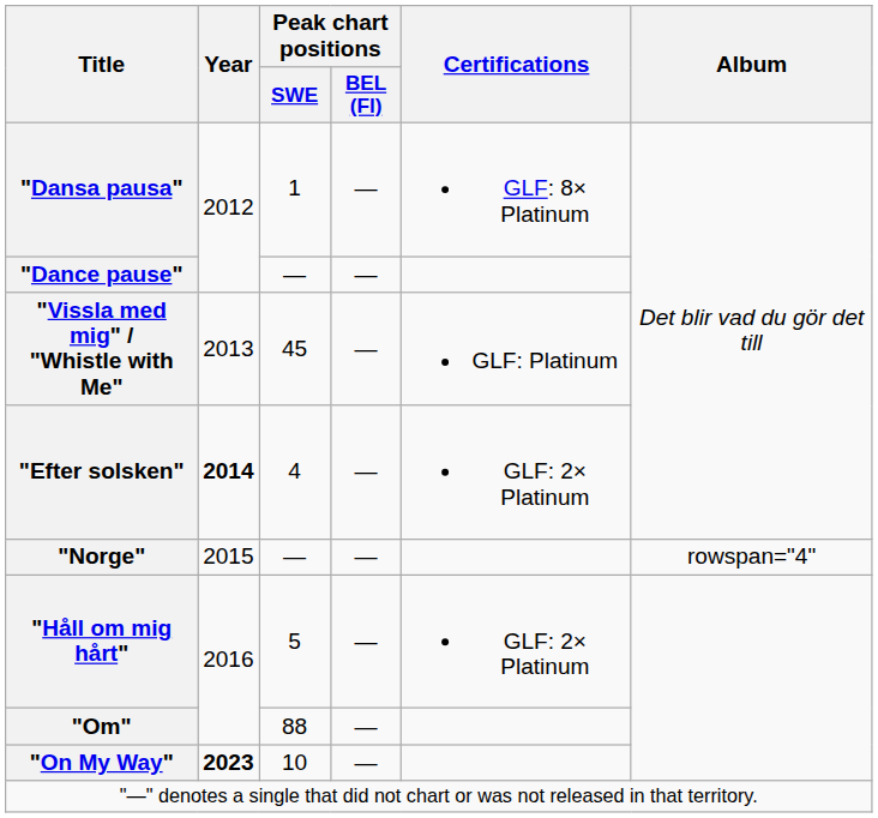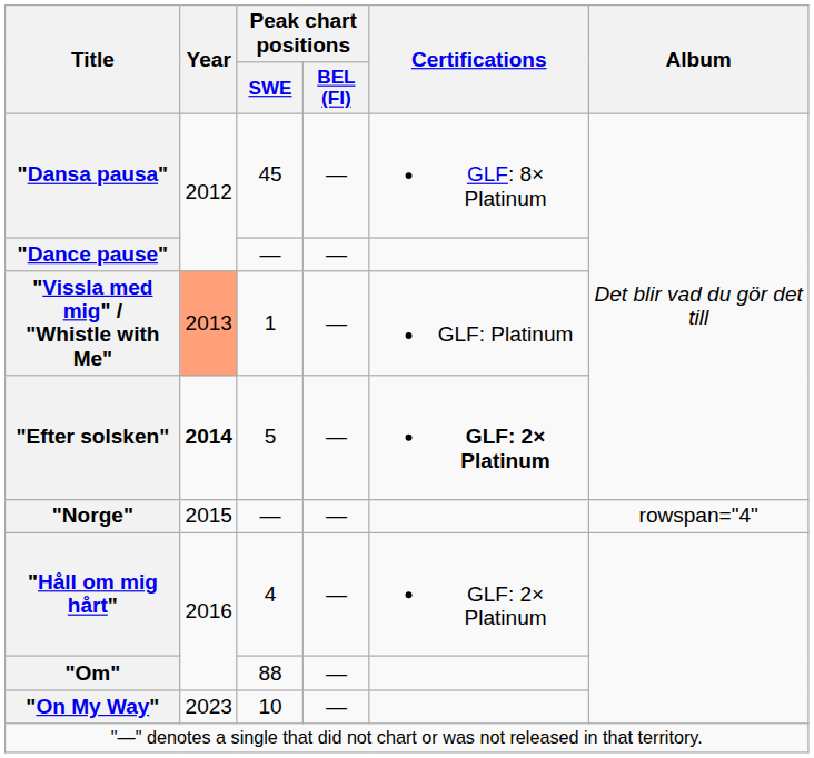 <table class="wikitable plainrowheaders" style="text-align:center;">
 <tr>
 <th scope="col" rowspan="2">Title</th>
 <th scope="col" rowspan="2">Year</th>
 <th scope="col" colspan="2">Peak chart positions</th>
 <th scope="col" rowspan="2"><a href='#'>Certifications</a></th>
 <th scope="col" rowspan="2">Album</th>
 </tr>
 <tr>
 <th scope="col" style="width:3em;font-size:90%;"><a href='#'>SWE</a><br></th>
 <th scope="col" style="width:3em;font-size:90%;"><a href='#'>BEL <br>(Fl)</a><br></th>
 </tr>
 <tr>
 <th scope="row">"<a href='#'>Dansa pausa</a>"</th>
 <td rowspan="2">2012</td>
-<td>1</td>
+<td>45</td>
 <td>—</td>
 <td><br><ul><li><a href='#'>GLF</a>: 8× Platinum</li></ul></td>
 <td rowspan="4"><em>Det blir vad du gör det till</em></td>
 </tr>
 <tr>
 <th scope="row">"<a href='#'>Dance pause</a>"</th>
 <td>—</td>
 <td>—</td>
 <td></td>
 </tr>
 <tr>
 <th scope="row">"<a href='#'>Vissla med mig</a>" / <br>"Whistle with Me"</th>
-<td>2013</td>
-<td>45</td>
+<td style="background: lightsalmon;">2013</td>
+<td>1</td>
 <td>—</td>
 <td><br><ul><li>GLF: Platinum</li></ul></td>
 </tr>
 <tr>
 <th scope="row">"Efter solsken"</th>
 <td><strong>2014</strong></td>
-<td>4</td>
+<td>5</td>
 <td>—</td>
-<td><br><ul><li>GLF: 2× Platinum</li></ul></td>
+<td><strong><br><ul><li>GLF: 2× Platinum</li></ul></strong></td>
 </tr>
 <tr>
 <th scope="row">"Norge"</th>
 <td>2015</td>
 <td>—</td>
 <td>—</td>
 <td></td>
 <td>rowspan="4" </td>
 </tr>
 <tr>
 <th scope="row">"<a href='#'>Håll om mig hårt</a>"</th>
 <td rowspan="2">2016</td>
-<td>5</td>
+<td>4</td>
 <td>—</td>
 <td><br><ul><li>GLF: 2× Platinum</li></ul></td>
 </tr>
 <tr>
 <th scope="row">"Om"</th>
 <td>88<br></td>
 <td>—</td>
 <td></td>
 </tr>
 <tr>
 <th scope="row">"<a href='#'>On My Way</a>"</th>
-<td><strong>2023</strong></td>
+<td>2023</td>
 <td>10<br></td>
 <td>—</td>
 <td></td>
 </tr>
 <tr>
 <td colspan="10" style="font-size:85%">"—" denotes a single that did not chart or was not released in that territory.</td>
 </tr>
 </table>
